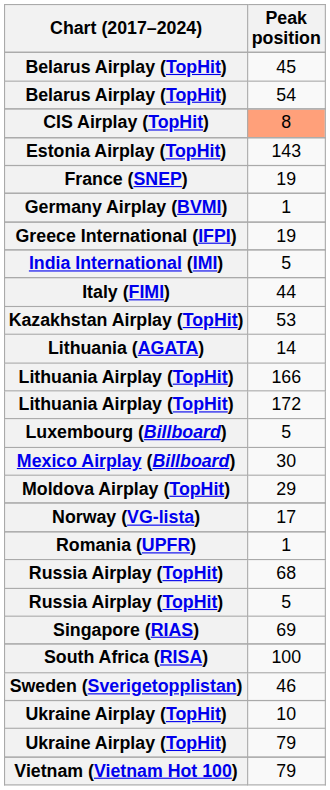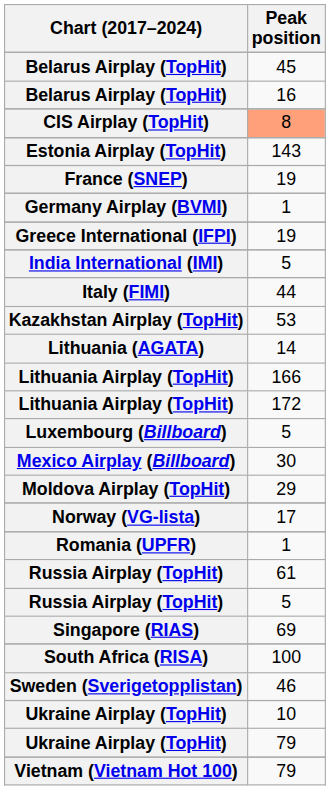 <table class="wikitable sortable plainrowheaders" style="text-align:center">
 <tr>
 <th scope="col">Chart (2017–2024)</th>
 <th scope="col">Peak<br>position</th>
 </tr>
 <tr>
 </tr>
 <tr>
 </tr>
 <tr>
 <th scope="row">Belarus Airplay (<a href='#'>TopHit</a>)</th>
 <td>45</td>
 </tr>
 <tr>
 <th scope="row">Belarus Airplay (<a href='#'>TopHit</a>)<br></th>
-<td>54</td>
+<td>16</td>
 </tr>
 <tr>
 </tr>
 <tr>
 </tr>
 <tr>
 <th scope="row">CIS Airplay (<a href='#'>TopHit</a>)<br></th>
 <td style="background: lightsalmon;">8</td>
 </tr>
 <tr>
 </tr>
 <tr>
 </tr>
 <tr>
 <th scope="row">Estonia Airplay (<a href='#'>TopHit</a>)<br></th>
 <td>143</td>
 </tr>
 <tr>
 </tr>
 <tr>
 <th scope="row">France (<a href='#'>SNEP</a>)</th>
 <td>19</td>
 </tr>
 <tr>
 </tr>
 <tr>
 <th scope="row">Germany Airplay (<a href='#'>BVMI</a>)</th>
 <td>1</td>
 </tr>
 <tr>
 </tr>
 <tr>
 <th scope="row">Greece International (<a href='#'>IFPI</a>)</th>
 <td>19</td>
 </tr>
 <tr>
 </tr>
 <tr>
 </tr>
 <tr>
 <th scope="row"><a href='#'>India International</a> (<a href='#'>IMI</a>)</th>
 <td>5</td>
 </tr>
 <tr>
 </tr>
 <tr>
 <th scope="row">Italy (<a href='#'>FIMI</a>)</th>
 <td>44</td>
 </tr>
 <tr>
 <th scope="row">Kazakhstan Airplay (<a href='#'>TopHit</a>)<br></th>
 <td>53</td>
 </tr>
 <tr>
 <th scope="row">Lithuania (<a href='#'>AGATA</a>)</th>
 <td>14</td>
 </tr>
 <tr>
 <th scope="row">Lithuania Airplay (<a href='#'>TopHit</a>)</th>
 <td>166</td>
 </tr>
 <tr>
 <th scope="row">Lithuania Airplay (<a href='#'>TopHit</a>)<br></th>
 <td>172</td>
 </tr>
 <tr>
 <th scope="row">Luxembourg (<em><a href='#'>Billboard</a></em>)</th>
 <td>5</td>
 </tr>
 <tr>
 <th scope="row"><a href='#'>Mexico Airplay</a> (<em><a href='#'>Billboard</a></em>)</th>
 <td>30</td>
 </tr>
 <tr>
 <th scope="row">Moldova Airplay (<a href='#'>TopHit</a>)</th>
 <td>29</td>
 </tr>
 <tr>
 </tr>
 <tr>
 <th scope="row">Norway (<a href='#'>VG-lista</a>)</th>
 <td>17</td>
 </tr>
 <tr>
 </tr>
 <tr>
 </tr>
 <tr>
 <th scope="row">Romania (<a href='#'>UPFR</a>)</th>
 <td>1</td>
 </tr>
 <tr>
 <th scope="row">Russia Airplay (<a href='#'>TopHit</a>)</th>
-<td>68</td>
+<td>61</td>
 </tr>
 <tr>
 <th scope="row">Russia Airplay (<a href='#'>TopHit</a>)<br></th>
 <td>5</td>
 </tr>
 <tr>
 <th scope="row">Singapore (<a href='#'>RIAS</a>)</th>
 <td>69</td>
 </tr>
 <tr>
 </tr>
 <tr>
 </tr>
 <tr>
 <th scope="row">South Africa (<a href='#'>RISA</a>)</th>
 <td>100</td>
 </tr>
 <tr>
 <th scope="row">Sweden (<a href='#'>Sverigetopplistan</a>)</th>
 <td>46</td>
 </tr>
 <tr>
 </tr>
 <tr>
 <th scope="row">Ukraine Airplay (<a href='#'>TopHit</a>)</th>
 <td>10</td>
 </tr>
 <tr>
 <th scope="row">Ukraine Airplay (<a href='#'>TopHit</a>)<br></th>
 <td>79</td>
 </tr>
 <tr>
 </tr>
 <tr>
 </tr>
 <tr>
 </tr>
 <tr>
 </tr>
 <tr>
 <th scope="row">Vietnam (<a href='#'>Vietnam Hot 100</a>)</th>
 <td>79</td>
 </tr>
 </table>
